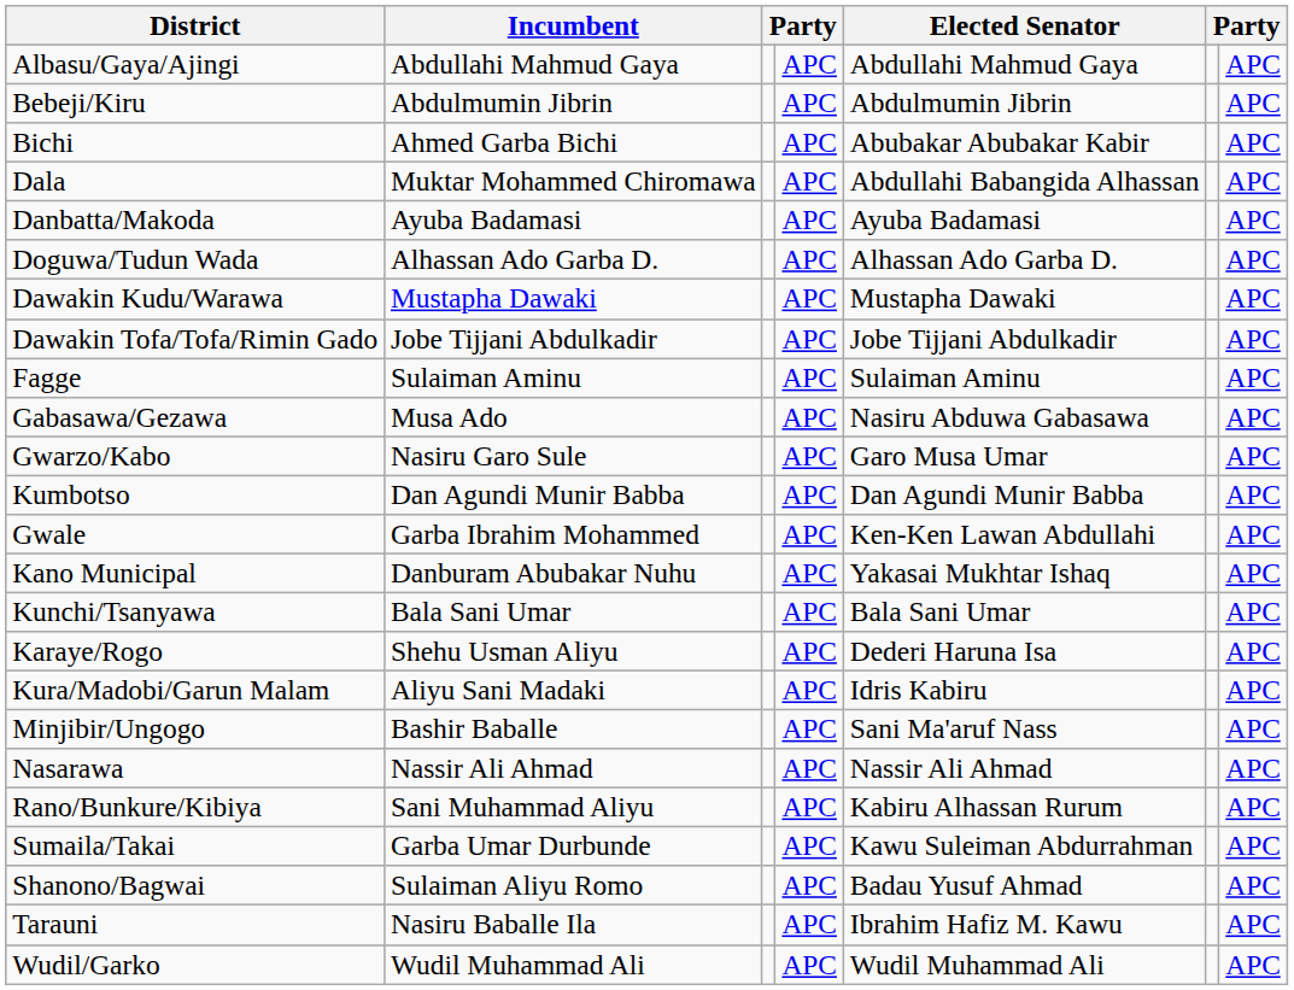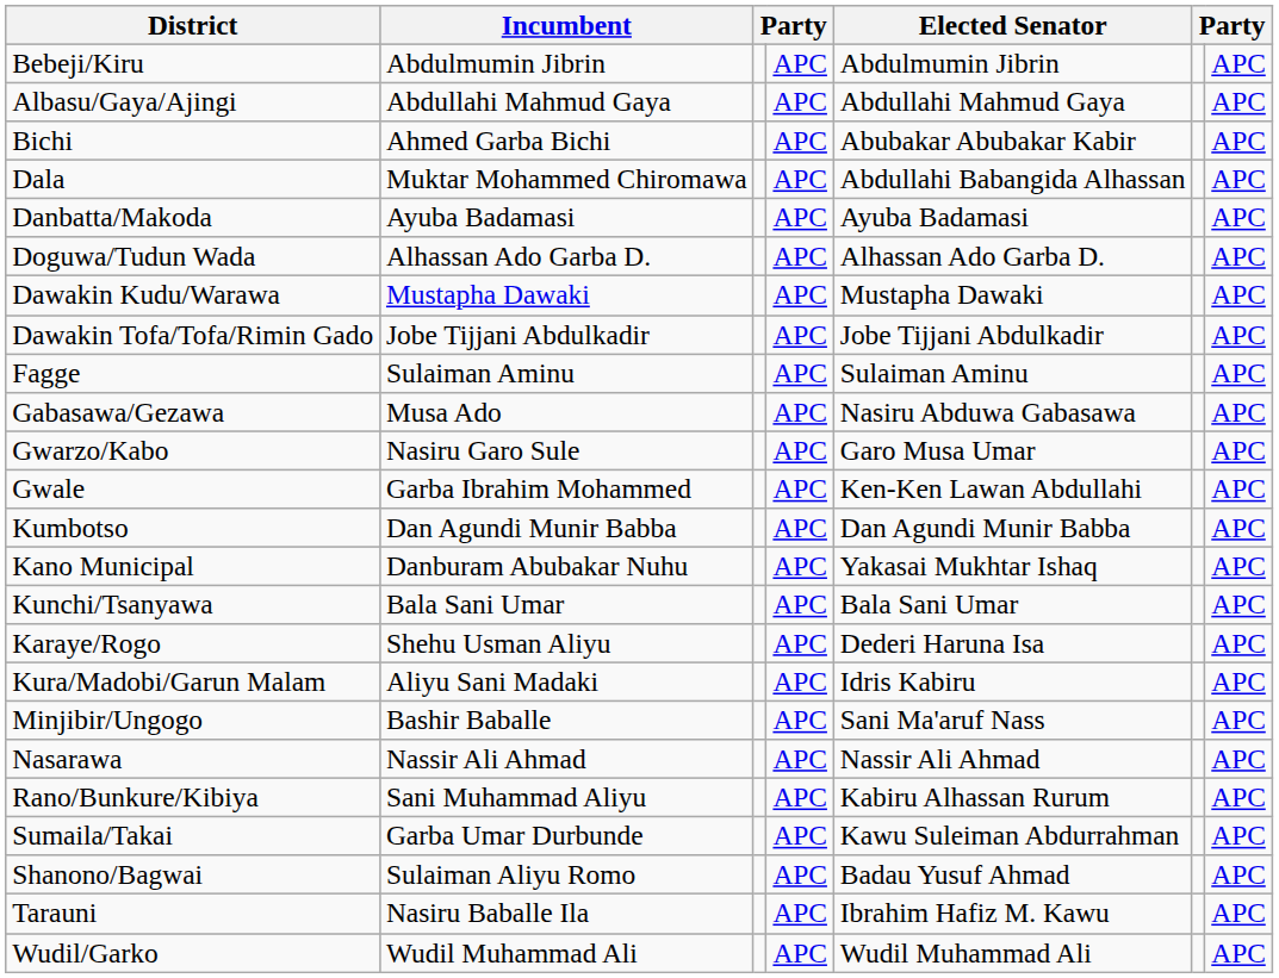 <table class="sortable wikitable" style="font-size:95%;line-height:14px;">
 <tr>
 <th class="unsortable">District</th>
 <th class="unsortable"><a href='#'>Incumbent</a></th>
 <th colspan="2">Party</th>
 <th class="unsortable">Elected Senator</th>
 <th colspan="2">Party</th>
 </tr>
 <tr>
+<td>Bebeji/Kiru</td>
+<td>Abdulmumin Jibrin</td>
+<td style="background:"></td>
+<td><a href='#'>APC</a></td>
+<td>Abdulmumin Jibrin</td>
+<td style="background:"></td>
+<td><a href='#'>APC</a></td>
+</tr>
+<tr>
 <td>Albasu/Gaya/Ajingi</td>
 <td>Abdullahi Mahmud Gaya</td>
 <td style="background:"></td>
 <td><a href='#'>APC</a></td>
 <td>Abdullahi Mahmud Gaya</td>
-<td style="background:"></td>
-<td><a href='#'>APC</a></td>
-</tr>
-<tr>
-<td>Bebeji/Kiru</td>
-<td>Abdulmumin Jibrin</td>
-<td style="background:"></td>
-<td><a href='#'>APC</a></td>
-<td>Abdulmumin Jibrin</td>
 <td style="background:"></td>
 <td><a href='#'>APC</a></td>
 </tr>
 <tr>
 <td>Bichi</td>
 <td>Ahmed Garba Bichi</td>
 <td style="background:"></td>
 <td><a href='#'>APC</a></td>
 <td>Abubakar Abubakar Kabir</td>
 <td style="background:"></td>
 <td><a href='#'>APC</a></td>
 </tr>
 <tr>
 <td>Dala</td>
 <td>Muktar Mohammed Chiromawa</td>
 <td style="background:"></td>
 <td><a href='#'>APC</a></td>
 <td>Abdullahi Babangida Alhassan</td>
 <td style="background:"></td>
 <td><a href='#'>APC</a></td>
 </tr>
 <tr>
 <td>Danbatta/Makoda</td>
 <td>Ayuba Badamasi</td>
 <td style="background:"></td>
 <td><a href='#'>APC</a></td>
 <td>Ayuba Badamasi</td>
 <td style="background:"></td>
 <td><a href='#'>APC</a></td>
 </tr>
 <tr>
 <td>Doguwa/Tudun Wada</td>
 <td>Alhassan Ado Garba D.</td>
 <td style="background:"></td>
 <td><a href='#'>APC</a></td>
 <td>Alhassan Ado Garba D.</td>
 <td style="background:"></td>
 <td><a href='#'>APC</a></td>
 </tr>
 <tr>
 <td>Dawakin Kudu/Warawa</td>
 <td><a href='#'>Mustapha Dawaki</a></td>
 <td style="background:"></td>
 <td><a href='#'>APC</a></td>
 <td>Mustapha Dawaki</td>
 <td style="background:"></td>
 <td><a href='#'>APC</a></td>
 </tr>
 <tr>
 <td>Dawakin Tofa/Tofa/Rimin Gado</td>
 <td>Jobe Tijjani Abdulkadir</td>
 <td style="background:"></td>
 <td><a href='#'>APC</a></td>
 <td>Jobe Tijjani Abdulkadir</td>
 <td style="background:"></td>
 <td><a href='#'>APC</a></td>
 </tr>
 <tr>
 <td>Fagge</td>
 <td>Sulaiman Aminu</td>
 <td style="background:"></td>
 <td><a href='#'>APC</a></td>
 <td>Sulaiman Aminu</td>
 <td style="background:"></td>
 <td><a href='#'>APC</a></td>
 </tr>
 <tr>
 <td>Gabasawa/Gezawa</td>
 <td>Musa Ado</td>
 <td style="background:"></td>
 <td><a href='#'>APC</a></td>
 <td>Nasiru Abduwa Gabasawa</td>
 <td style="background:"></td>
 <td><a href='#'>APC</a></td>
 </tr>
 <tr>
 <td>Gwarzo/Kabo</td>
 <td>Nasiru Garo Sule</td>
 <td style="background:"></td>
 <td><a href='#'>APC</a></td>
 <td>Garo Musa Umar</td>
 <td style="background:"></td>
 <td><a href='#'>APC</a></td>
 </tr>
 <tr>
+<td>Gwale</td>
+<td>Garba Ibrahim Mohammed</td>
+<td style="background:"></td>
+<td><a href='#'>APC</a></td>
+<td>Ken-Ken Lawan Abdullahi</td>
+<td style="background:"></td>
+<td><a href='#'>APC</a></td>
+</tr>
+<tr>
 <td>Kumbotso</td>
 <td>Dan Agundi Munir Babba</td>
 <td style="background:"></td>
 <td><a href='#'>APC</a></td>
 <td>Dan Agundi Munir Babba</td>
-<td style="background:"></td>
-<td><a href='#'>APC</a></td>
-</tr>
-<tr>
-<td>Gwale</td>
-<td>Garba Ibrahim Mohammed</td>
-<td style="background:"></td>
-<td><a href='#'>APC</a></td>
-<td>Ken-Ken Lawan Abdullahi</td>
 <td style="background:"></td>
 <td><a href='#'>APC</a></td>
 </tr>
 <tr>
 <td>Kano Municipal</td>
 <td>Danburam Abubakar Nuhu</td>
 <td style="background:"></td>
 <td><a href='#'>APC</a></td>
 <td>Yakasai Mukhtar Ishaq</td>
 <td style="background:"></td>
 <td><a href='#'>APC</a></td>
 </tr>
 <tr>
 <td>Kunchi/Tsanyawa</td>
 <td>Bala Sani Umar</td>
 <td style="background:"></td>
 <td><a href='#'>APC</a></td>
 <td>Bala Sani Umar</td>
 <td style="background:"></td>
 <td><a href='#'>APC</a></td>
 </tr>
 <tr>
 <td>Karaye/Rogo</td>
 <td>Shehu Usman Aliyu</td>
 <td style="background:"></td>
 <td><a href='#'>APC</a></td>
 <td>Dederi Haruna Isa</td>
 <td style="background:"></td>
 <td><a href='#'>APC</a></td>
 </tr>
 <tr>
 <td>Kura/Madobi/Garun Malam</td>
 <td>Aliyu Sani Madaki</td>
 <td style="background:"></td>
 <td><a href='#'>APC</a></td>
 <td>Idris Kabiru</td>
 <td style="background:"></td>
 <td><a href='#'>APC</a></td>
 </tr>
 <tr>
 <td>Minjibir/Ungogo</td>
 <td>Bashir Baballe</td>
 <td style="background:"></td>
 <td><a href='#'>APC</a></td>
 <td>Sani Ma'aruf Nass</td>
 <td style="background:"></td>
 <td><a href='#'>APC</a></td>
 </tr>
 <tr>
 <td>Nasarawa</td>
 <td>Nassir Ali Ahmad</td>
 <td style="background:"></td>
 <td><a href='#'>APC</a></td>
 <td>Nassir Ali Ahmad</td>
 <td style="background:"></td>
 <td><a href='#'>APC</a></td>
 </tr>
 <tr>
 <td>Rano/Bunkure/Kibiya</td>
 <td>Sani Muhammad Aliyu</td>
 <td style="background:"></td>
 <td><a href='#'>APC</a></td>
 <td>Kabiru Alhassan Rurum</td>
 <td style="background:"></td>
 <td><a href='#'>APC</a></td>
 </tr>
 <tr>
 <td>Sumaila/Takai</td>
 <td>Garba Umar Durbunde</td>
 <td style="background:"></td>
 <td><a href='#'>APC</a></td>
 <td>Kawu Suleiman Abdurrahman</td>
 <td style="background:"></td>
 <td><a href='#'>APC</a></td>
 </tr>
 <tr>
 <td>Shanono/Bagwai</td>
 <td>Sulaiman Aliyu Romo</td>
 <td style="background:"></td>
 <td><a href='#'>APC</a></td>
 <td>Badau Yusuf Ahmad</td>
 <td style="background:"></td>
 <td><a href='#'>APC</a></td>
 </tr>
 <tr>
 <td>Tarauni</td>
 <td>Nasiru Baballe Ila</td>
 <td style="background:"></td>
 <td><a href='#'>APC</a></td>
 <td>Ibrahim Hafiz M. Kawu</td>
 <td style="background:"></td>
 <td><a href='#'>APC</a></td>
 </tr>
 <tr>
 <td>Wudil/Garko</td>
 <td>Wudil Muhammad Ali</td>
 <td style="background:"></td>
 <td><a href='#'>APC</a></td>
 <td>Wudil Muhammad Ali</td>
 <td style="background:"></td>
 <td><a href='#'>APC</a></td>
 </tr>
 </table>
